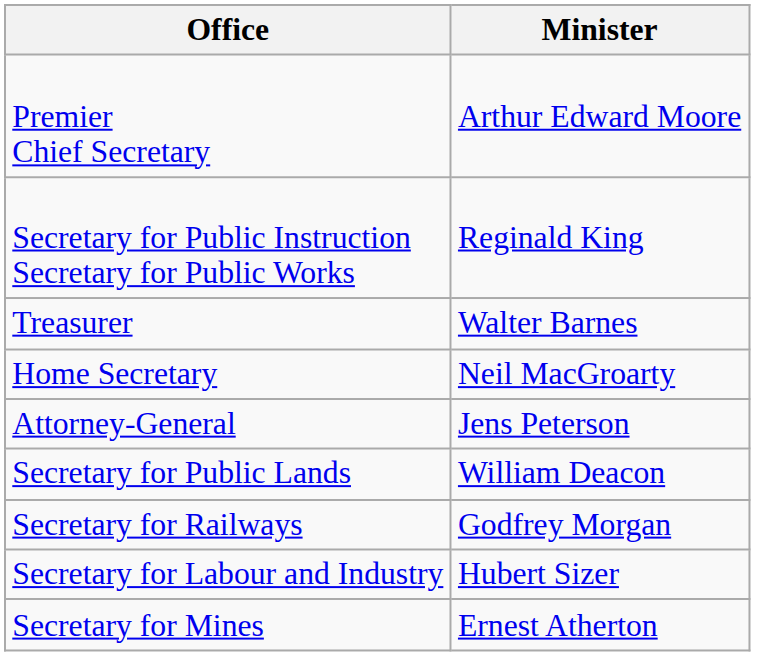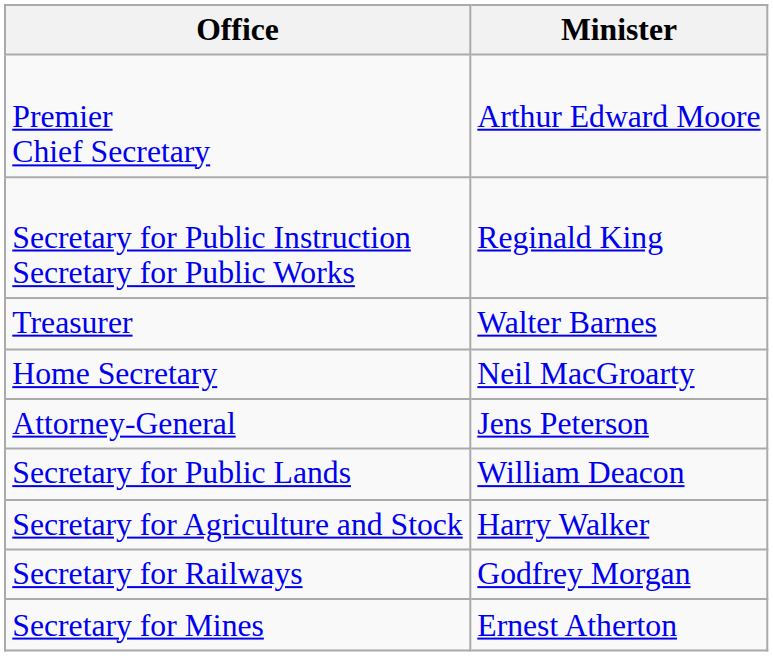 <table class="wikitable">
 <tr>
 <th>Office</th>
 <th>Minister</th>
 </tr>
 <tr>
 <td><br><a href='#'>Premier</a><br> <a href='#'>Chief Secretary</a></td>
 <td><a href='#'>Arthur Edward Moore</a></td>
 </tr>
 <tr>
 <td><br><a href='#'>Secretary for Public Instruction</a><br> <a href='#'>Secretary for Public Works</a><br></td>
 <td><a href='#'>Reginald King</a></td>
 </tr>
 <tr>
 <td><a href='#'>Treasurer</a></td>
 <td><a href='#'>Walter Barnes</a></td>
 </tr>
 <tr>
 <td><a href='#'>Home Secretary</a></td>
 <td><a href='#'>Neil MacGroarty</a></td>
 </tr>
 <tr>
 <td><a href='#'>Attorney-General</a></td>
 <td><a href='#'>Jens Peterson</a></td>
 </tr>
 <tr>
 <td><a href='#'>Secretary for Public Lands</a></td>
 <td><a href='#'>William Deacon</a></td>
 </tr>
 <tr>
+<td><a href='#'>Secretary for Agriculture and Stock</a></td>
+<td><a href='#'>Harry Walker</a></td>
+</tr>
+<tr>
 <td><a href='#'>Secretary for Railways</a></td>
 <td><a href='#'>Godfrey Morgan</a></td>
-</tr>
-<tr>
-<td><a href='#'>Secretary for Labour and Industry</a></td>
-<td><a href='#'>Hubert Sizer</a></td>
 </tr>
 <tr>
 <td><a href='#'>Secretary for Mines</a></td>
 <td><a href='#'>Ernest Atherton</a></td>
 </tr>
 </table>
